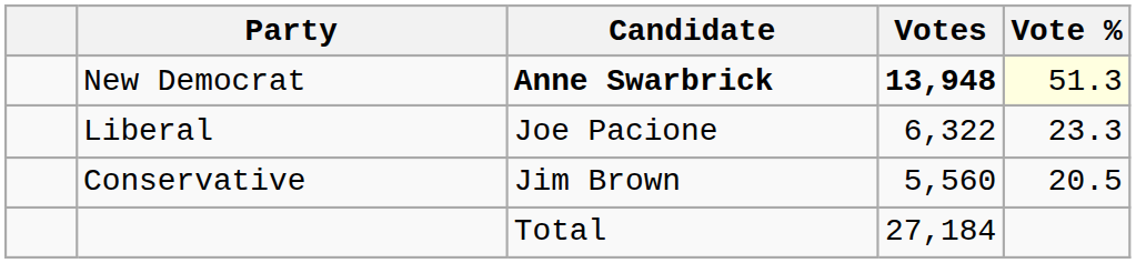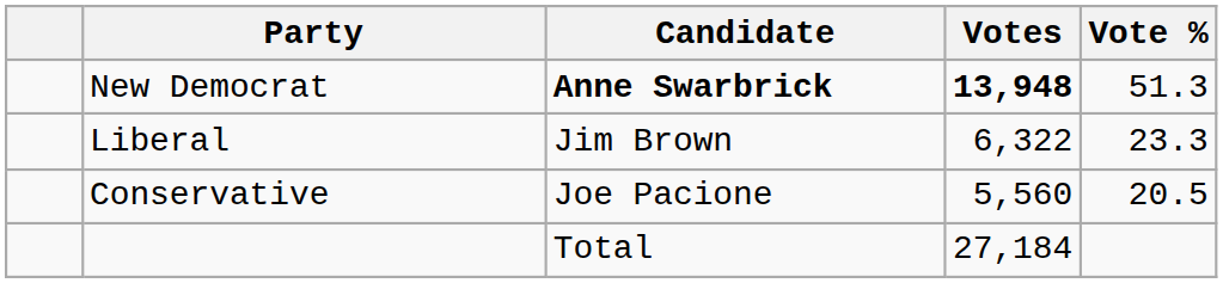 <table class="wikitable">
 <tr>
 <th></th>
 <th scope="col" width="175">Party</th>
 <th scope="col" width="150">Candidate</th>
 <th>Votes</th>
 <th>Vote %</th>
 </tr>
 <tr>
 <td>   </td>
 <td>New Democrat</td>
 <td><strong>Anne Swarbrick</strong></td>
 <td align=right><strong>13,948</strong></td>
-<td align=right style="background: lightyellow;">51.3</td>
+<td align=right>51.3</td>
 </tr>
 <tr |>
 <td>   </td>
 <td>Liberal</td>
-<td>Joe Pacione</td>
+<td>Jim Brown</td>
 <td align=right>6,322</td>
 <td align=right>23.3</td>
 </tr>
 <tr>
 <td>   </td>
 <td>Conservative</td>
-<td>Jim Brown</td>
+<td>Joe Pacione</td>
 <td align=right>5,560</td>
 <td align=right>20.5<br> </td>
 </tr>
 <tr>
 <td></td>
 <td></td>
 <td>Total</td>
 <td align=right>27,184</td>
 <td></td>
 </tr>
 </table>
